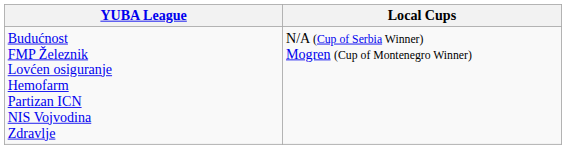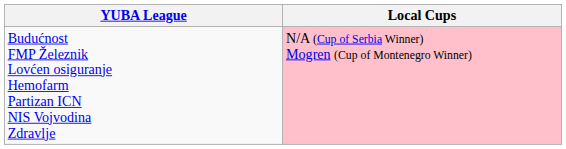 <table class=wikitable width=40%>
 <tr>
 <th width=13%><a href='#'>YUBA League</a></th>
 <th width=13%>Local Cups</th>
 </tr>
 <tr valign=top>
 <td><a href='#'>Budućnost</a><br><a href='#'>FMP Železnik</a><br><a href='#'>Lovćen osiguranje</a><br><a href='#'>Hemofarm</a><br><a href='#'>Partizan ICN</a><br><a href='#'>NIS Vojvodina</a><br> <a href='#'>Zdravlje</a></td>
-<td>N/A <small>(<a href='#'>Cup of Serbia</a> Winner)</small><br><a href='#'>Mogren</a> <small>(Cup of Montenegro Winner)</small></td>
+<td style="background: pink;">N/A <small>(<a href='#'>Cup of Serbia</a> Winner)</small><br><a href='#'>Mogren</a> <small>(Cup of Montenegro Winner)</small></td>
 </tr>
 </table>
